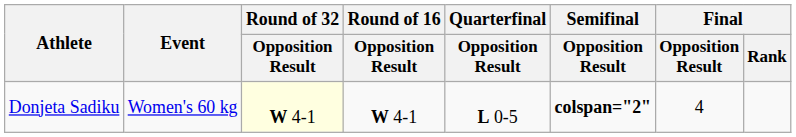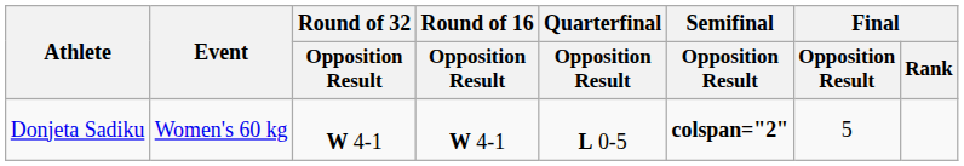 <table class="wikitable" style="text-align:center; font-size:90%">
 <tr>
 <th rowspan="2">Athlete</th>
 <th rowspan="2">Event</th>
 <th>Round of 32</th>
 <th>Round of 16</th>
 <th>Quarterfinal</th>
 <th>Semifinal</th>
 <th colspan="2">Final</th>
 </tr>
 <tr style="font-size:95%">
 <th>Opposition<br>Result</th>
 <th>Opposition<br>Result</th>
 <th>Opposition<br>Result</th>
 <th>Opposition<br>Result</th>
 <th>Opposition<br>Result</th>
 <th>Rank</th>
 </tr>
 <tr>
 <td align="left"><a href='#'>Donjeta Sadiku</a></td>
 <td align="left"><a href='#'>Women's 60 kg</a></td>
-<td style="background: lightyellow;"><br><strong>W</strong> 4-1</td>
+<td><br><strong>W</strong> 4-1</td>
 <td><br><strong>W</strong> 4-1</td>
 <td><br><strong>L</strong> 0-5</td>
 <td><strong>colspan="2" </strong></td>
-<td>4</td>
+<td>5</td>
 </tr>
 </table>
